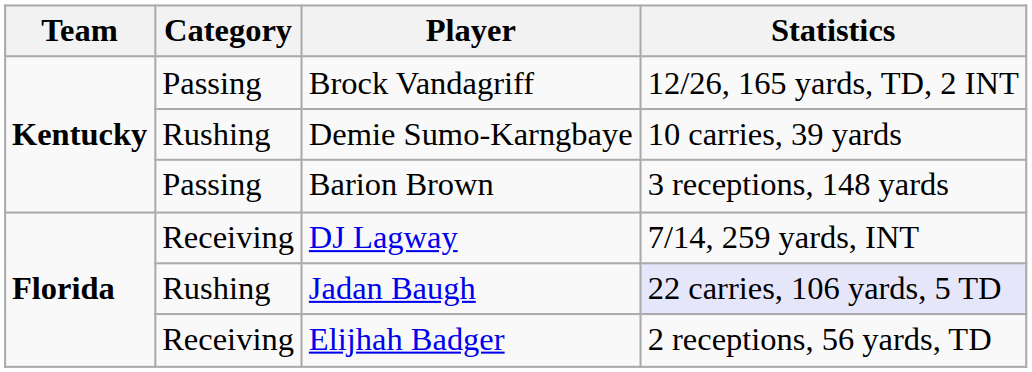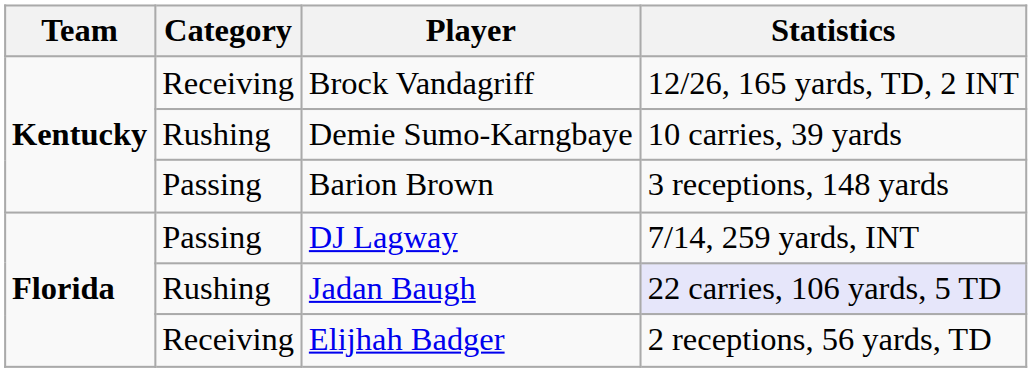 <table class="wikitable" style="float: right;">
 <tr>
 <th>Team</th>
 <th>Category</th>
 <th>Player</th>
 <th>Statistics</th>
 </tr>
 <tr>
 <td rowspan=3><strong>Kentucky</strong></td>
-<td>Passing</td>
+<td>Receiving</td>
 <td>Brock Vandagriff</td>
 <td>12/26, 165 yards, TD, 2 INT</td>
 </tr>
 <tr>
 <td>Rushing</td>
 <td>Demie Sumo-Karngbaye</td>
 <td>10 carries, 39 yards</td>
 </tr>
 <tr>
 <td>Passing</td>
 <td>Barion Brown</td>
 <td>3 receptions, 148 yards</td>
 </tr>
 <tr>
 <td rowspan=3><strong>Florida</strong></td>
-<td>Receiving</td>
+<td>Passing</td>
 <td><a href='#'>DJ Lagway</a></td>
 <td>7/14, 259 yards, INT</td>
 </tr>
 <tr>
 <td>Rushing</td>
 <td><a href='#'>Jadan Baugh</a></td>
 <td style="background: lavender;">22 carries, 106 yards, 5 TD</td>
 </tr>
 <tr>
 <td>Receiving</td>
 <td><a href='#'>Elijhah Badger</a></td>
 <td>2 receptions, 56 yards, TD</td>
 </tr>
 </table>
